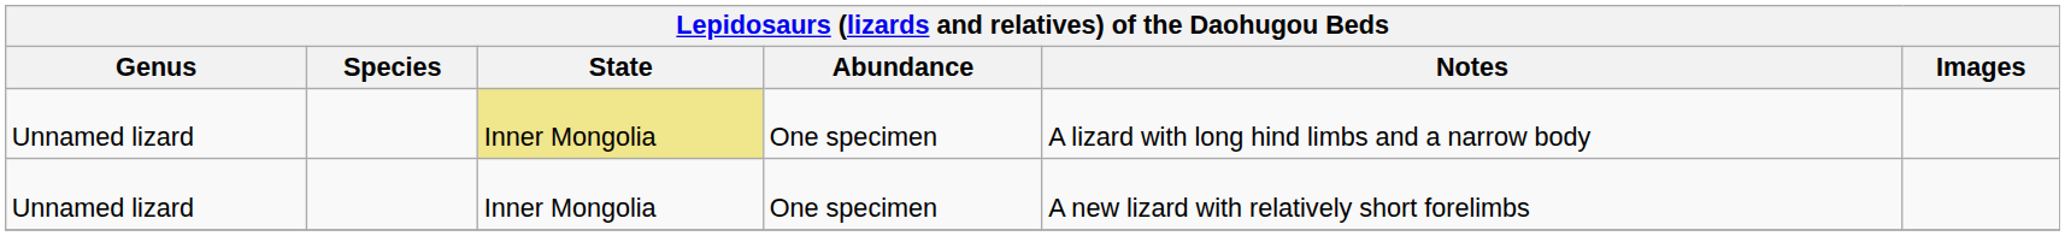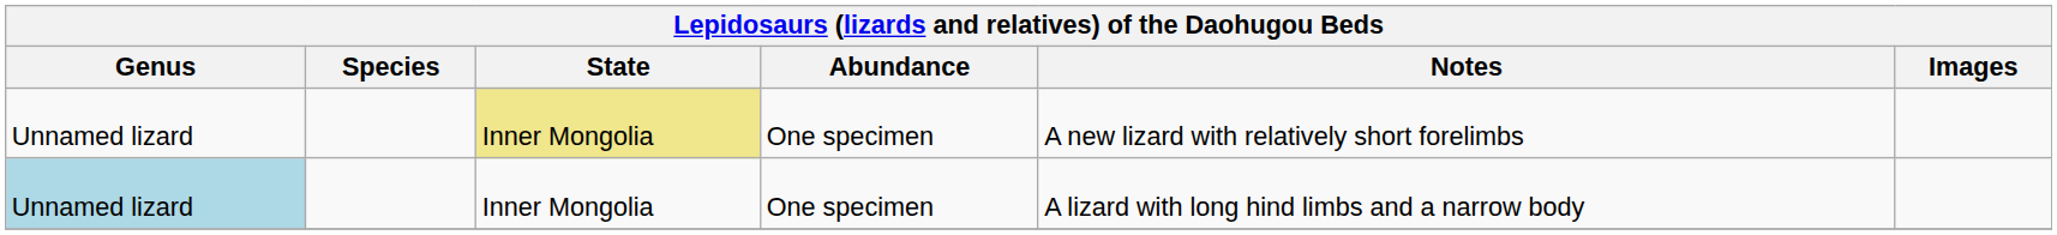 <table class="wikitable" align="center" width="100%">
 <tr>
 <th colspan="6" align="center"><strong><a href='#'>Lepidosaurs</a> (<a href='#'>lizards</a> and relatives) of the Daohugou Beds</strong></th>
 </tr>
 <tr>
 <th>Genus</th>
 <th>Species</th>
 <th>State</th>
 <th>Abundance</th>
 <th>Notes</th>
 <th>Images</th>
 </tr>
 <tr>
 <td><br>Unnamed lizard</td>
 <td></td>
 <td style="background: khaki;"><br>Inner Mongolia</td>
 <td><br>One specimen</td>
-<td><br>A lizard with long hind limbs and a narrow body</td>
+<td><br>A new lizard with relatively short forelimbs</td>
 <td></td>
 </tr>
 <tr>
-<td><br>Unnamed lizard</td>
+<td style="background: lightblue;"><br>Unnamed lizard</td>
 <td></td>
 <td><br>Inner Mongolia</td>
 <td><br>One specimen</td>
-<td><br>A new lizard with relatively short forelimbs</td>
+<td><br>A lizard with long hind limbs and a narrow body</td>
 <td></td>
 </tr>
 <tr>
 </tr>
 </table>
